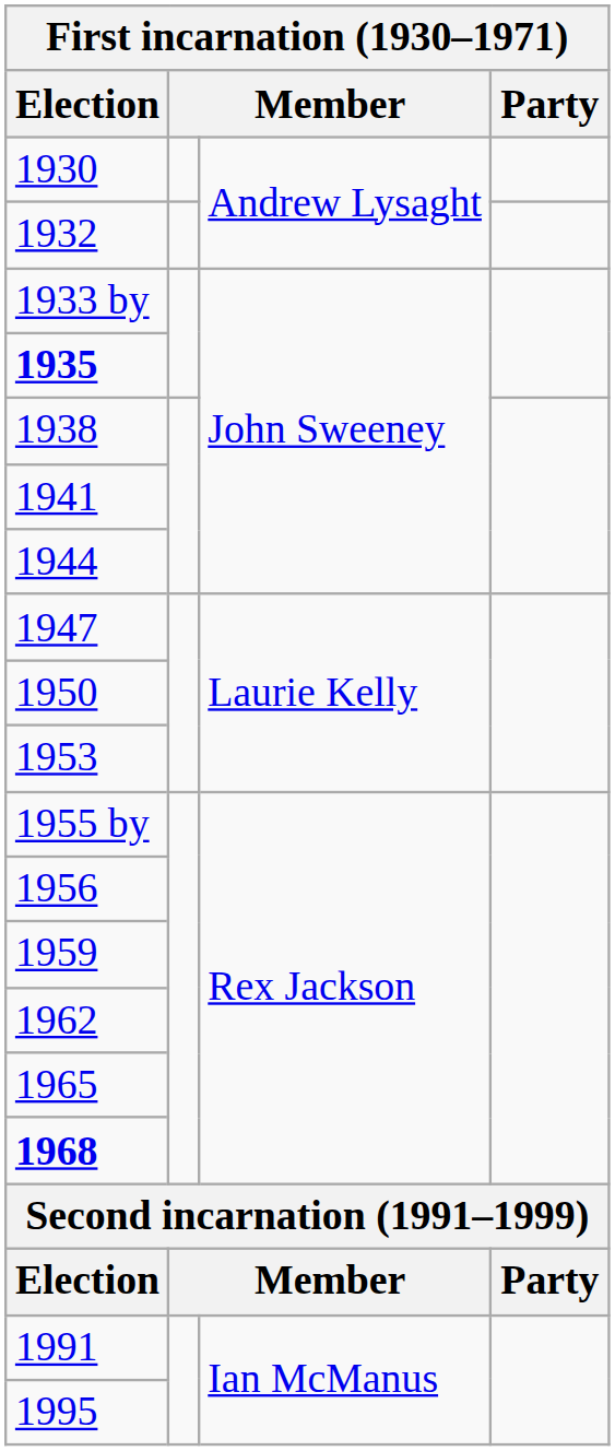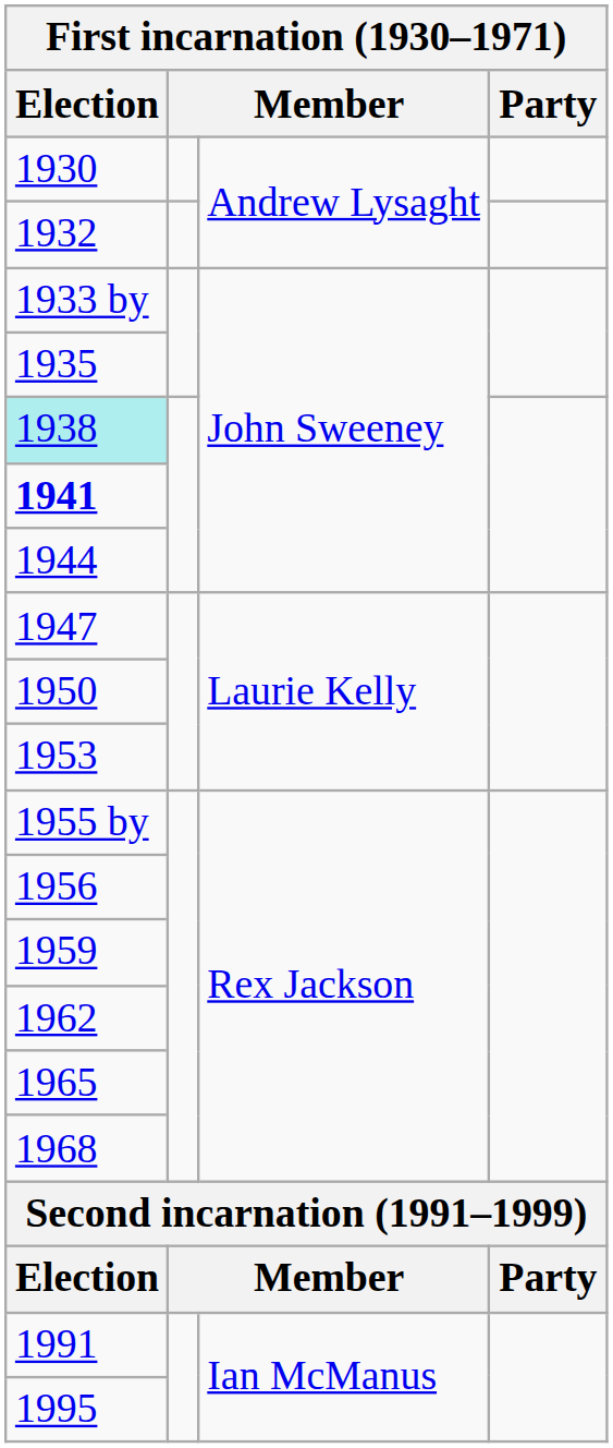 <table class="wikitable">
 <tr>
 <th colspan="4">First incarnation (1930–1971)</th>
 </tr>
 <tr>
 <th>Election</th>
 <th colspan="2">Member</th>
 <th>Party</th>
 </tr>
 <tr>
 <td><a href='#'>1930</a></td>
 <td> </td>
 <td rowspan="2"><a href='#'>Andrew Lysaght</a></td>
 <td></td>
 </tr>
 <tr>
 <td><a href='#'>1932</a></td>
 <td> </td>
 <td></td>
 </tr>
 <tr>
 <td><a href='#'>1933 by</a></td>
 <td rowspan="2" > </td>
 <td rowspan="5"><a href='#'>John Sweeney</a></td>
 <td rowspan="2"></td>
 </tr>
 <tr>
-<td><strong><a href='#'>1935</a></strong></td>
+<td><a href='#'>1935</a></td>
 </tr>
 <tr>
-<td><a href='#'>1938</a></td>
+<td style="background: paleturquoise;"><a href='#'>1938</a></td>
 <td rowspan="3" > </td>
 <td rowspan="3"></td>
 </tr>
 <tr>
-<td><a href='#'>1941</a></td>
+<td><strong><a href='#'>1941</a></strong></td>
 </tr>
 <tr>
 <td><a href='#'>1944</a></td>
 </tr>
 <tr>
 <td><a href='#'>1947</a></td>
 <td rowspan="3" > </td>
 <td rowspan="3"><a href='#'>Laurie Kelly</a></td>
 <td rowspan="3"></td>
 </tr>
 <tr>
 <td><a href='#'>1950</a></td>
 </tr>
 <tr>
 <td><a href='#'>1953</a></td>
 </tr>
 <tr>
 <td><a href='#'>1955 by</a></td>
 <td rowspan="6" > </td>
 <td rowspan="6"><a href='#'>Rex Jackson</a></td>
 <td rowspan="6"></td>
 </tr>
 <tr>
 <td><a href='#'>1956</a></td>
 </tr>
 <tr>
 <td><a href='#'>1959</a></td>
 </tr>
 <tr>
 <td><a href='#'>1962</a></td>
 </tr>
 <tr>
 <td><a href='#'>1965</a></td>
 </tr>
 <tr>
-<td><strong><a href='#'>1968</a></strong></td>
+<td><a href='#'>1968</a></td>
 </tr>
 <tr>
 <th colspan="4">Second incarnation (1991–1999)</th>
 </tr>
 <tr>
 <th>Election</th>
 <th colspan="2">Member</th>
 <th>Party</th>
 </tr>
 <tr>
 <td><a href='#'>1991</a></td>
 <td rowspan="2" > </td>
 <td rowspan="2"><a href='#'>Ian McManus</a></td>
 <td rowspan="2"></td>
 </tr>
 <tr>
 <td><a href='#'>1995</a></td>
 </tr>
 </table>
